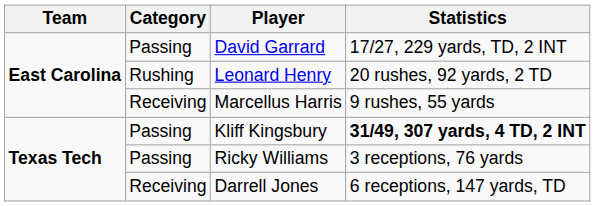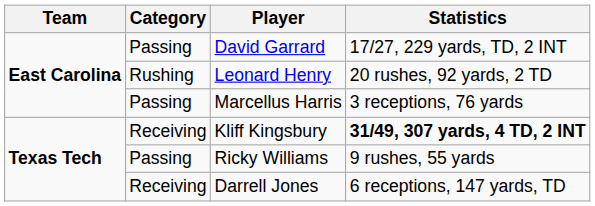 <table class="wikitable" style="float: left;">
 <tr>
 <th>Team</th>
 <th>Category</th>
 <th>Player</th>
 <th>Statistics</th>
 </tr>
 <tr>
 <td rowspan=3><strong>East Carolina</strong></td>
 <td>Passing</td>
 <td><a href='#'>David Garrard</a></td>
 <td>17/27, 229 yards, TD, 2 INT</td>
 </tr>
 <tr>
 <td>Rushing</td>
 <td><a href='#'>Leonard Henry</a></td>
 <td>20 rushes, 92 yards, 2 TD</td>
 </tr>
 <tr>
-<td>Receiving</td>
+<td>Passing</td>
 <td>Marcellus Harris</td>
-<td>9 rushes, 55 yards</td>
+<td>3 receptions, 76 yards</td>
 </tr>
 <tr>
 <td rowspan=3><strong>Texas Tech</strong></td>
-<td>Passing</td>
+<td>Receiving</td>
 <td>Kliff Kingsbury</td>
 <td><strong>31/49, 307 yards, 4 TD, 2 INT</strong></td>
 </tr>
 <tr>
 <td>Passing</td>
 <td>Ricky Williams</td>
-<td>3 receptions, 76 yards</td>
+<td>9 rushes, 55 yards</td>
 </tr>
 <tr>
 <td>Receiving</td>
 <td>Darrell Jones</td>
 <td>6 receptions, 147 yards, TD</td>
 </tr>
 </table>
